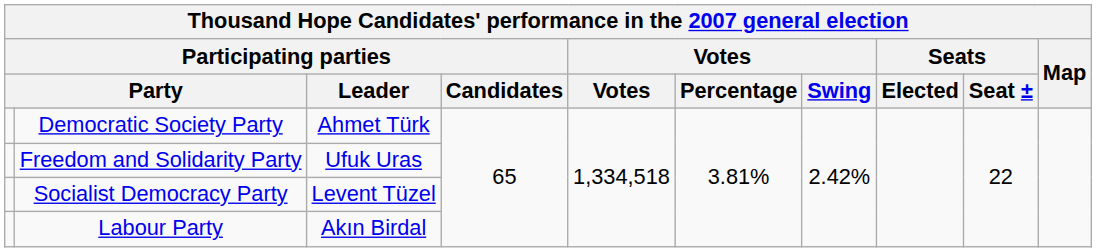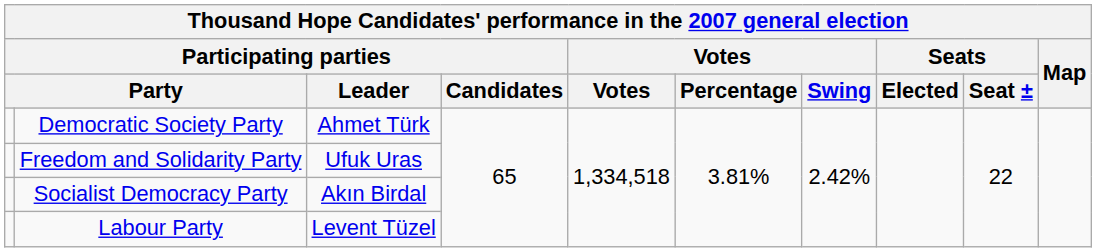 <table class="wikitable" style="text-align:center;">
 <tr>
 <th colspan="10">Thousand Hope Candidates' performance in the <a href='#'>2007 general election</a></th>
 </tr>
 <tr>
 <th colspan="4">Participating parties</th>
 <th colspan="3">Votes</th>
 <th colspan="2">Seats</th>
 <th rowspan="2">Map</th>
 </tr>
 <tr>
 <th colspan="2">Party</th>
 <th>Leader</th>
 <th>Candidates</th>
 <th>Votes</th>
 <th>Percentage</th>
 <th><a href='#'>Swing</a></th>
 <th>Elected</th>
 <th>Seat <a href='#'>±</a></th>
 </tr>
 <tr>
 <td style="background:"></td>
 <td><a href='#'>Democratic Society Party</a></td>
 <td><a href='#'>Ahmet Türk</a></td>
 <td rowspan="4">65</td>
 <td rowspan="4">1,334,518</td>
 <td rowspan="4">3.81%</td>
 <td rowspan="4"> 2.42%</td>
 <td rowspan="4"></td>
 <td rowspan="4"> 22</td>
 <td rowspan="4"></td>
 </tr>
 <tr>
 <td style="background:"></td>
 <td><a href='#'>Freedom and Solidarity Party</a></td>
 <td><a href='#'>Ufuk Uras</a></td>
 </tr>
 <tr>
 <td style="background:"></td>
 <td><a href='#'>Socialist Democracy Party</a></td>
-<td><a href='#'>Levent Tüzel</a></td>
+<td><a href='#'>Akın Birdal</a></td>
 </tr>
 <tr>
 <td style="background:"></td>
 <td><a href='#'>Labour Party</a></td>
-<td><a href='#'>Akın Birdal</a></td>
+<td><a href='#'>Levent Tüzel</a></td>
 </tr>
 </table>
